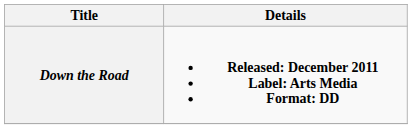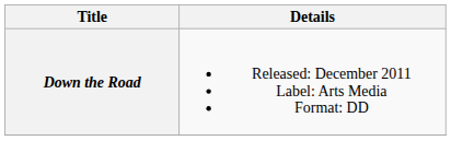 <table class="wikitable plainrowheaders" style="text-align:center;" border="1">
 <tr>
 <th scope="col" rowspan="1" style="width:11em;">Title</th>
 <th scope="col" rowspan="1" style="width:17em;">Details</th>
 </tr>
 <tr>
 <th scope="row"><em>Down the Road</em></th>
-<td><strong><br><ul><li>Released: December 2011</li><li>Label: Arts Media</li><li>Format: DD</li></ul></strong></td>
+<td><br><ul><li>Released: December 2011</li><li>Label: Arts Media</li><li>Format: DD</li></ul></td>
 </tr>
 <tr>
 </tr>
 </table>
